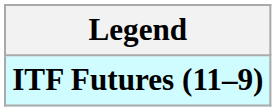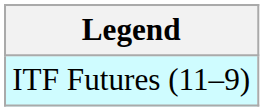 <table class=wikitable style=font-size:97%>
 <tr>
 <th>Legend</th>
 </tr>
 <tr bgcolor=cffcff>
-<td><strong>ITF Futures (11–9)</strong></td>
+<td>ITF Futures (11–9)</td>
 </tr>
 </table>
